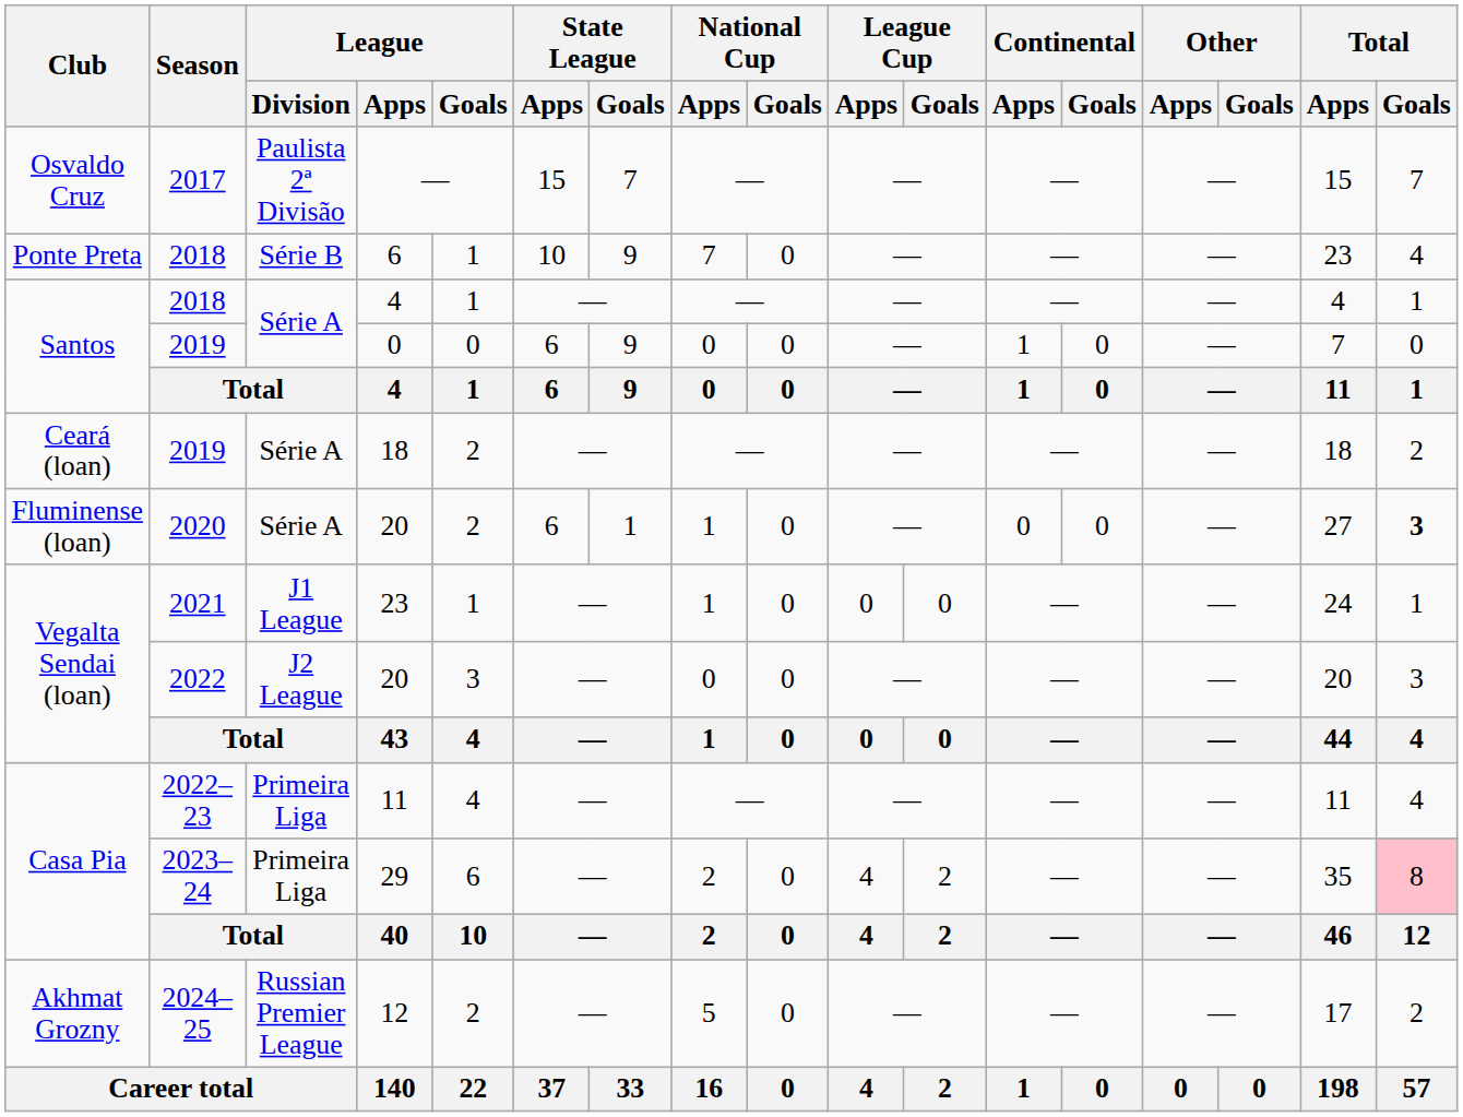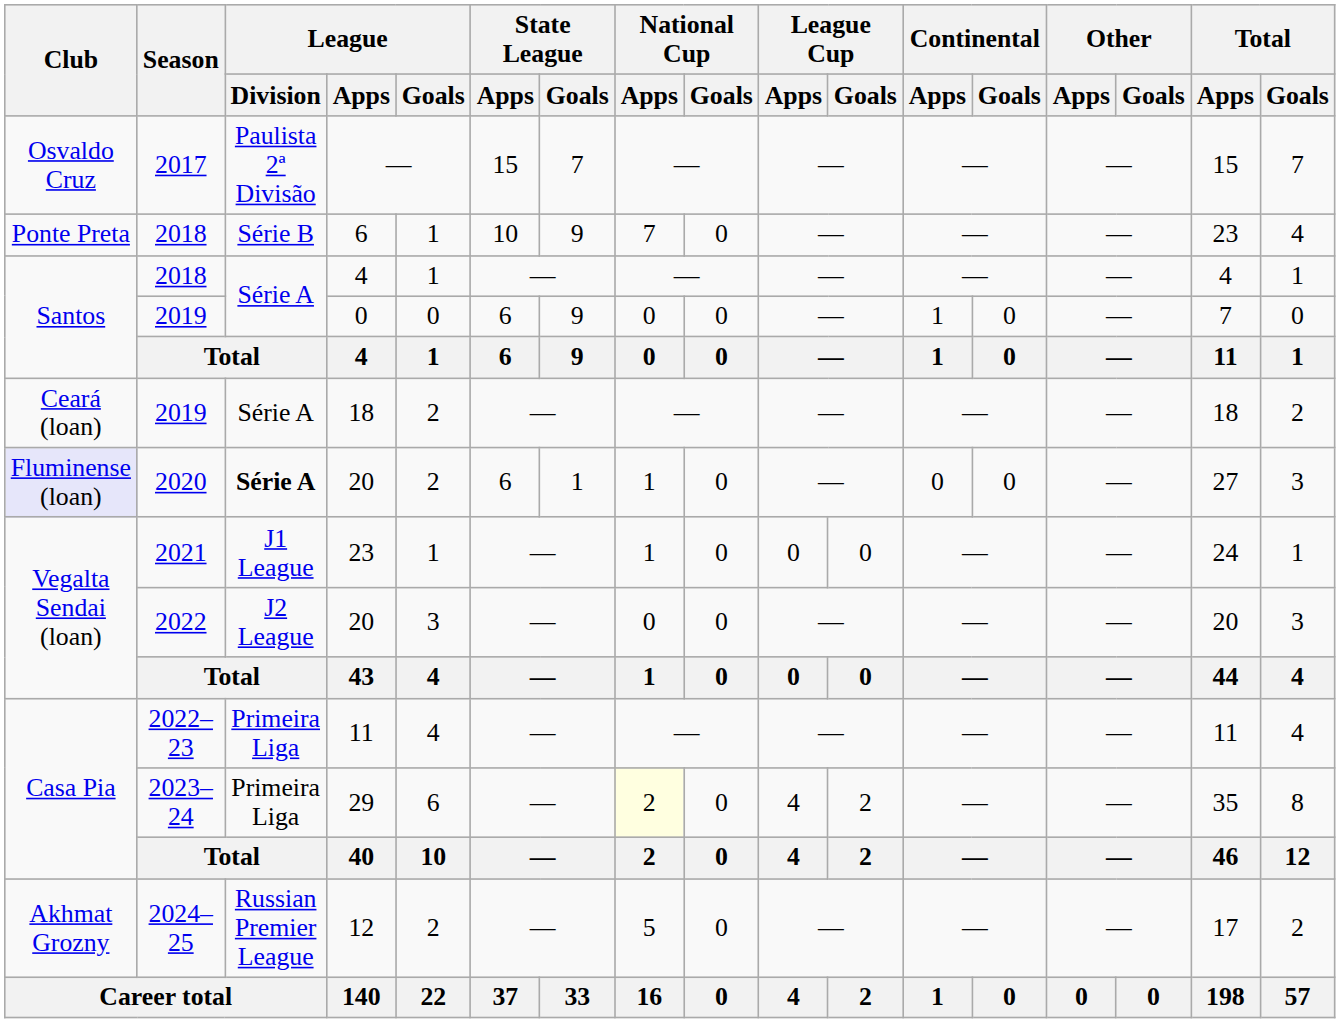 <table class="wikitable" style="text-align: center;">
 <tr>
 <th rowspan="2">Club</th>
 <th rowspan="2">Season</th>
 <th colspan="3">League</th>
 <th colspan="2">State League</th>
 <th colspan="2">National Cup</th>
 <th colspan="2">League Cup</th>
 <th colspan="2">Continental</th>
 <th colspan="2">Other</th>
 <th colspan="2">Total</th>
 </tr>
 <tr>
 <th>Division</th>
 <th>Apps</th>
 <th>Goals</th>
 <th>Apps</th>
 <th>Goals</th>
 <th>Apps</th>
 <th>Goals</th>
 <th>Apps</th>
 <th>Goals</th>
 <th>Apps</th>
 <th>Goals</th>
 <th>Apps</th>
 <th>Goals</th>
 <th>Apps</th>
 <th>Goals</th>
 </tr>
 <tr>
 <td valign="center"><a href='#'>Osvaldo Cruz</a></td>
 <td><a href='#'>2017</a></td>
 <td><a href='#'>Paulista 2ª Divisão</a></td>
 <td colspan="2">—</td>
 <td>15</td>
 <td>7</td>
 <td colspan="2">—</td>
 <td colspan="2">—</td>
 <td colspan="2">—</td>
 <td colspan="2">—</td>
 <td>15</td>
 <td>7</td>
 </tr>
 <tr>
 <td valign="center"><a href='#'>Ponte Preta</a></td>
 <td><a href='#'>2018</a></td>
 <td><a href='#'>Série B</a></td>
 <td>6</td>
 <td>1</td>
 <td>10</td>
 <td>9</td>
 <td>7</td>
 <td>0</td>
 <td colspan="2">—</td>
 <td colspan="2">—</td>
 <td colspan="2">—</td>
 <td>23</td>
 <td>4</td>
 </tr>
 <tr>
 <td rowspan="3" valign="center"><a href='#'>Santos</a></td>
 <td><a href='#'>2018</a></td>
 <td rowspan="2"><a href='#'>Série A</a></td>
 <td>4</td>
 <td>1</td>
 <td colspan="2">—</td>
 <td colspan="2">—</td>
 <td colspan="2">—</td>
 <td colspan="2">—</td>
 <td colspan="2">—</td>
 <td>4</td>
 <td>1</td>
 </tr>
 <tr>
 <td><a href='#'>2019</a></td>
 <td>0</td>
 <td>0</td>
 <td>6</td>
 <td>9</td>
 <td>0</td>
 <td>0</td>
 <td colspan="2">—</td>
 <td>1</td>
 <td>0</td>
 <td colspan="2">—</td>
 <td>7</td>
 <td>0</td>
 </tr>
 <tr>
 <th colspan="2">Total</th>
 <th>4</th>
 <th>1</th>
 <th>6</th>
 <th>9</th>
 <th>0</th>
 <th>0</th>
 <th colspan="2">—</th>
 <th>1</th>
 <th>0</th>
 <th colspan="2">—</th>
 <th>11</th>
 <th>1</th>
 </tr>
 <tr>
 <td valign="center"><a href='#'>Ceará</a> (loan)</td>
 <td><a href='#'>2019</a></td>
 <td>Série A</td>
 <td>18</td>
 <td>2</td>
 <td colspan="2">—</td>
 <td colspan="2">—</td>
 <td colspan="2">—</td>
 <td colspan="2">—</td>
 <td colspan="2">—</td>
 <td>18</td>
 <td>2</td>
 </tr>
 <tr>
-<td valign="center"><a href='#'>Fluminense</a> (loan)</td>
+<td valign="center" style="background: lavender;"><a href='#'>Fluminense</a> (loan)</td>
 <td><a href='#'>2020</a></td>
-<td>Série A</td>
+<td><strong>Série A</strong></td>
 <td>20</td>
 <td>2</td>
 <td>6</td>
 <td>1</td>
 <td>1</td>
 <td>0</td>
 <td colspan="2">—</td>
 <td>0</td>
 <td>0</td>
 <td colspan="2">—</td>
 <td>27</td>
-<td><strong>3</strong></td>
+<td>3</td>
 </tr>
 <tr>
 <td rowspan="3" valign="center"><a href='#'>Vegalta Sendai</a> (loan)</td>
 <td><a href='#'>2021</a></td>
 <td><a href='#'>J1 League</a></td>
 <td>23</td>
 <td>1</td>
 <td colspan="2">—</td>
 <td>1</td>
 <td>0</td>
 <td>0</td>
 <td>0</td>
 <td colspan="2">—</td>
 <td colspan="2">—</td>
 <td>24</td>
 <td>1</td>
 </tr>
 <tr>
 <td><a href='#'>2022</a></td>
 <td><a href='#'>J2 League</a></td>
 <td>20</td>
 <td>3</td>
 <td colspan="2">—</td>
 <td>0</td>
 <td>0</td>
 <td colspan="2">—</td>
 <td colspan="2">—</td>
 <td colspan="2">—</td>
 <td>20</td>
 <td>3</td>
 </tr>
 <tr>
 <th colspan="2">Total</th>
 <th>43</th>
 <th>4</th>
 <th colspan="2">—</th>
 <th>1</th>
 <th>0</th>
 <th>0</th>
 <th>0</th>
 <th colspan="2">—</th>
 <th colspan="2">—</th>
 <th>44</th>
 <th>4</th>
 </tr>
 <tr>
 <td rowspan="3"><a href='#'>Casa Pia</a></td>
 <td><a href='#'>2022–23</a></td>
 <td><a href='#'>Primeira Liga</a></td>
 <td>11</td>
 <td>4</td>
 <td colspan="2">—</td>
 <td colspan="2">—</td>
 <td colspan="2">—</td>
 <td colspan="2">—</td>
 <td colspan="2">—</td>
 <td>11</td>
 <td>4</td>
 </tr>
 <tr>
 <td><a href='#'>2023–24</a></td>
 <td>Primeira Liga</td>
 <td>29</td>
 <td>6</td>
 <td colspan="2">—</td>
-<td>2</td>
+<td style="background: lightyellow;">2</td>
 <td>0</td>
 <td>4</td>
 <td>2</td>
 <td colspan="2">—</td>
 <td colspan="2">—</td>
 <td>35</td>
-<td style="background: pink;">8</td>
+<td>8</td>
 </tr>
 <tr>
 <th colspan="2">Total</th>
 <th>40</th>
 <th>10</th>
 <th colspan="2">—</th>
 <th>2</th>
 <th>0</th>
 <th>4</th>
 <th>2</th>
 <th colspan="2">—</th>
 <th colspan="2">—</th>
 <th>46</th>
 <th>12</th>
 </tr>
 <tr>
 <td><a href='#'>Akhmat Grozny</a></td>
 <td><a href='#'>2024–25</a></td>
 <td><a href='#'>Russian Premier League</a></td>
 <td>12</td>
 <td>2</td>
 <td colspan="2">—</td>
 <td>5</td>
 <td>0</td>
 <td colspan="2">—</td>
 <td colspan="2">—</td>
 <td colspan="2">—</td>
 <td>17</td>
 <td>2</td>
 </tr>
 <tr>
 <th colspan="3"><strong>Career total</strong></th>
 <th>140</th>
 <th>22</th>
 <th>37</th>
 <th>33</th>
 <th>16</th>
 <th>0</th>
 <th>4</th>
 <th>2</th>
 <th>1</th>
 <th>0</th>
 <th>0</th>
 <th>0</th>
 <th>198</th>
 <th>57</th>
 </tr>
 </table>
